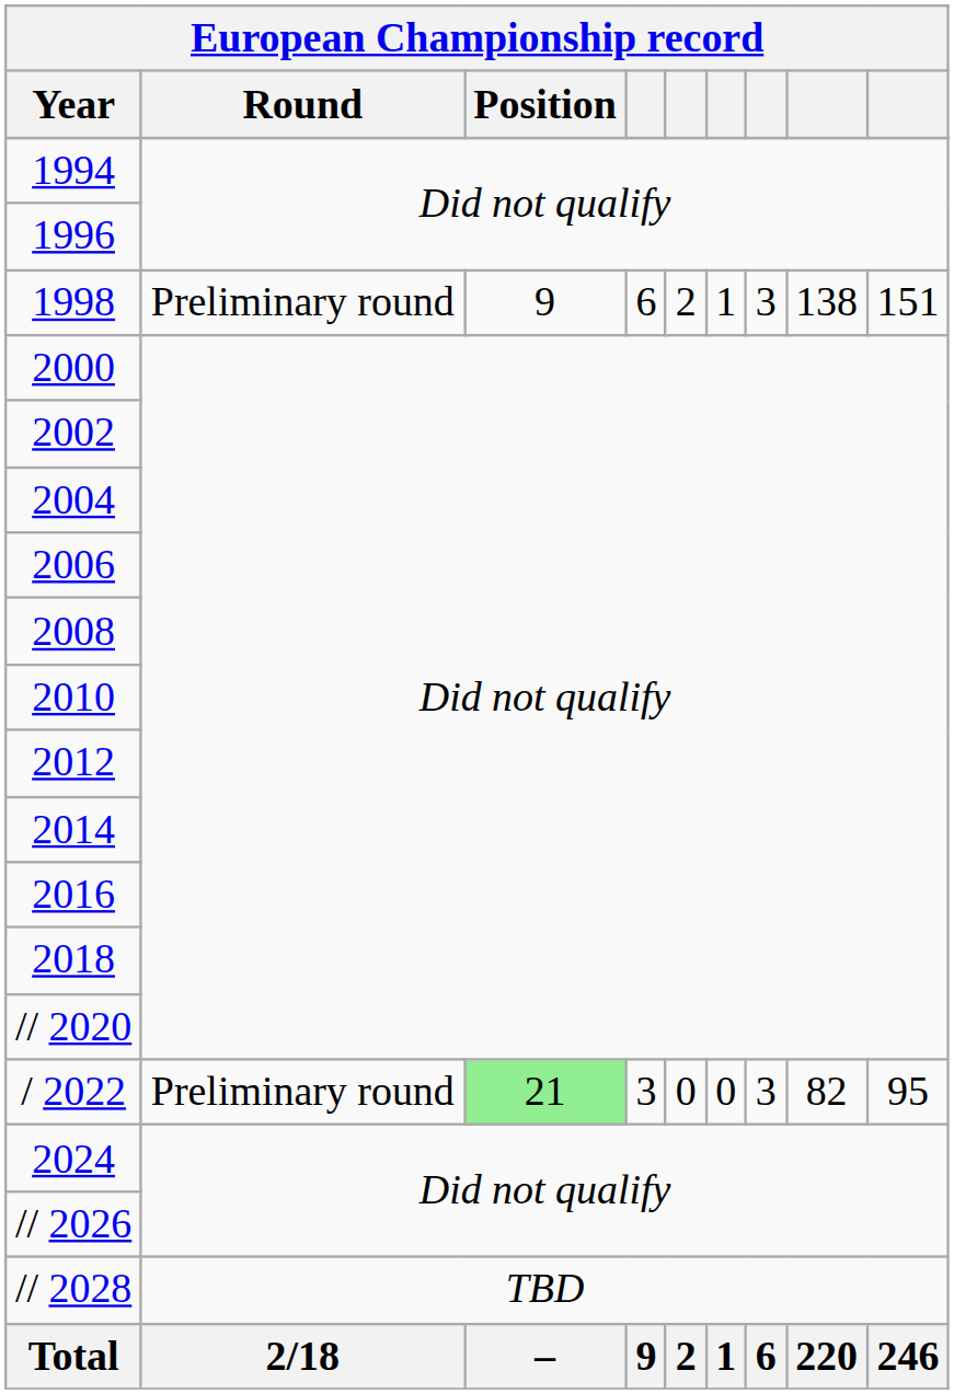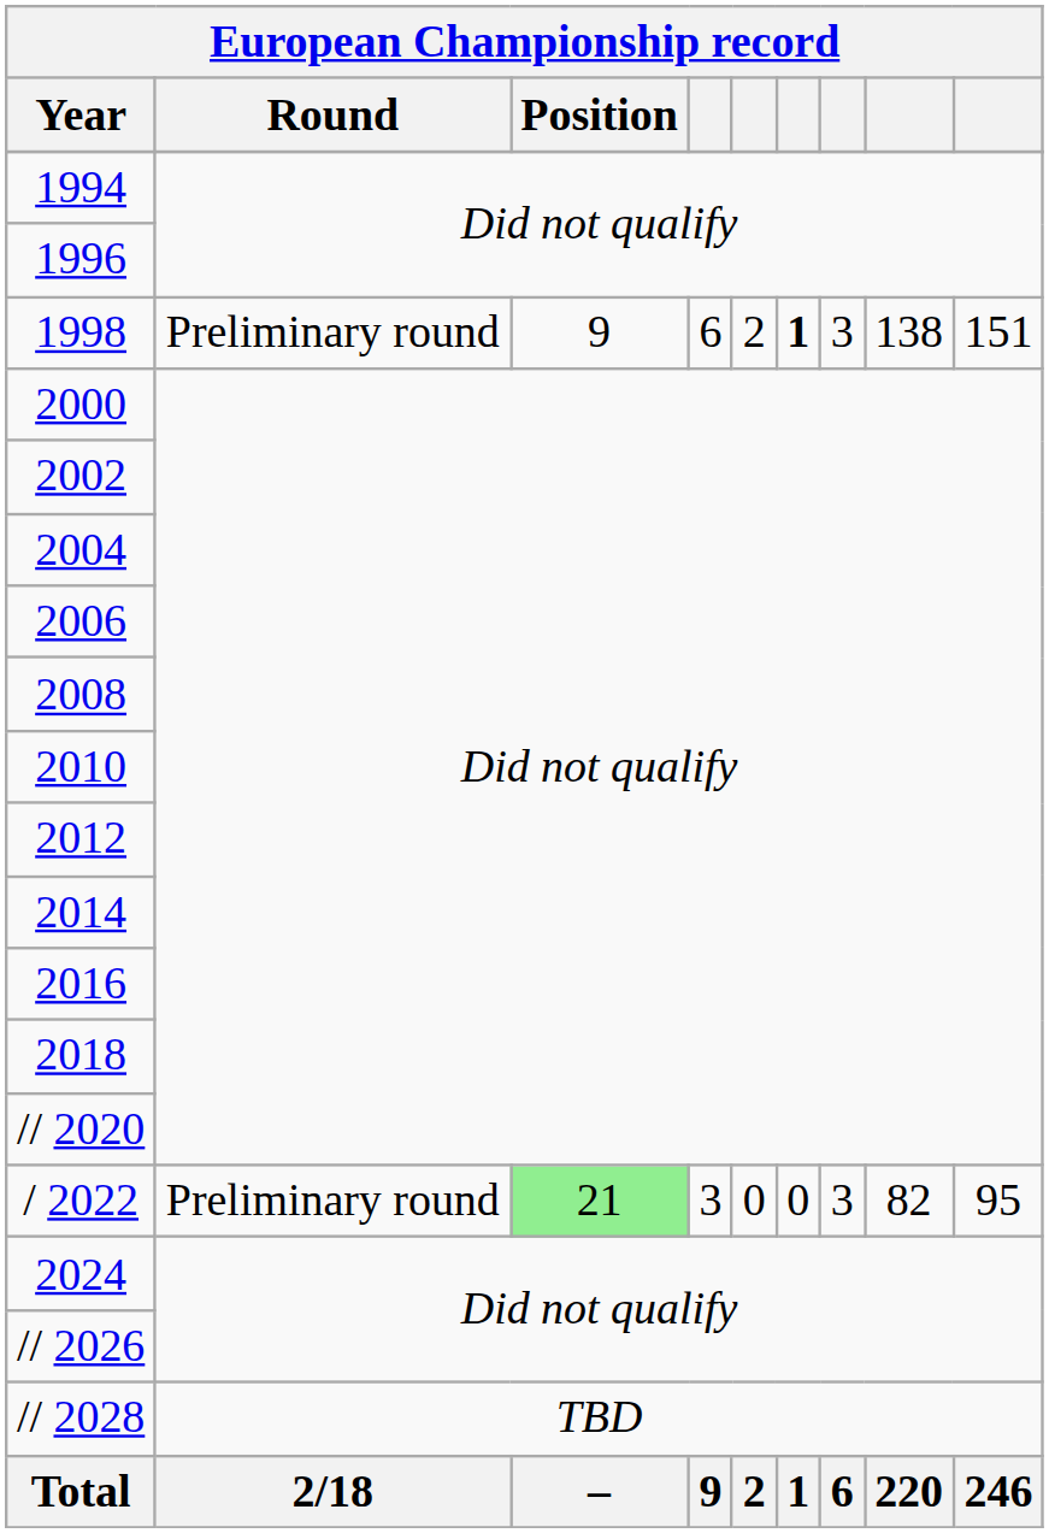 <table class="wikitable" style="text-align: center;">
 <tr>
 <th colspan=9><a href='#'>European Championship record</a></th>
 </tr>
 <tr>
 <th>Year</th>
 <th>Round</th>
 <th>Position</th>
 <th></th>
 <th></th>
 <th></th>
 <th></th>
 <th></th>
 <th></th>
 </tr>
 <tr>
 </tr>
 <tr>
 <td> <a href='#'>1994</a></td>
 <td colspan="8" rowspan="2"><em>Did not qualify</em></td>
 </tr>
 <tr>
 <td> <a href='#'>1996</a></td>
 </tr>
 <tr>
 <td> <a href='#'>1998</a></td>
 <td>Preliminary round</td>
 <td>9</td>
 <td>6</td>
 <td>2</td>
-<td>1</td>
+<td><strong>1</strong></td>
 <td>3</td>
 <td>138</td>
 <td>151</td>
 </tr>
 <tr>
 <td> <a href='#'>2000</a></td>
 <td colspan="8" rowspan="11"><em>Did not qualify</em></td>
 </tr>
 <tr>
 <td> <a href='#'>2002</a></td>
 </tr>
 <tr>
 <td> <a href='#'>2004</a></td>
 </tr>
 <tr>
 <td> <a href='#'>2006</a></td>
 </tr>
 <tr>
 <td> <a href='#'>2008</a></td>
 </tr>
 <tr>
 <td> <a href='#'>2010</a></td>
 </tr>
 <tr>
 <td> <a href='#'>2012</a></td>
 </tr>
 <tr>
 <td> <a href='#'>2014</a></td>
 </tr>
 <tr>
 <td> <a href='#'>2016</a></td>
 </tr>
 <tr>
 <td> <a href='#'>2018</a></td>
 </tr>
 <tr>
 <td>// <a href='#'>2020</a></td>
 </tr>
 <tr>
 <td>/ <a href='#'>2022</a></td>
 <td>Preliminary round</td>
 <td style="background: lightgreen;">21</td>
 <td>3</td>
 <td>0</td>
 <td>0</td>
 <td>3</td>
 <td>82</td>
 <td>95</td>
 </tr>
 <tr>
 <td> <a href='#'>2024</a></td>
 <td colspan="8" rowspan=2><em>Did not qualify</em></td>
 </tr>
 <tr>
 <td>// <a href='#'>2026</a></td>
 </tr>
 <tr>
 <td>// <a href='#'>2028</a></td>
 <td colspan="8"><em>TBD</em></td>
 </tr>
 <tr>
 <th>Total</th>
 <th>2/18</th>
 <th>–</th>
 <th>9</th>
 <th>2</th>
 <th>1</th>
 <th>6</th>
 <th>220</th>
 <th>246</th>
 </tr>
 </table>
